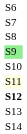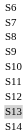 <table>
 <tr>
 <td>S6</td>
 <td></td>
 <td></td>
 <td></td>
 </tr>
 <tr>
 <td>S7</td>
 <td></td>
 <td></td>
 <td></td>
 </tr>
 <tr>
 <td>S8</td>
 <td></td>
 <td></td>
 <td></td>
 </tr>
 <tr>
-<td style="background: lightgreen;">S9</td>
+<td>S9</td>
 <td></td>
 <td></td>
 <td></td>
 </tr>
 <tr>
 <td>S10</td>
 <td></td>
 <td></td>
 <td></td>
 </tr>
 <tr>
-<td style="background: lightyellow;">S11</td>
+<td>S11</td>
 <td></td>
 <td></td>
 <td></td>
 </tr>
 <tr>
-<td><strong>S12</strong></td>
+<td>S12</td>
 <td></td>
 <td></td>
 <td></td>
 </tr>
 <tr>
-<td>S13</td>
+<td style="background: lightgrey;">S13</td>
 <td></td>
 <td></td>
 <td></td>
 </tr>
 <tr>
 <td>S14</td>
 <td></td>
 <td></td>
 <td></td>
 </tr>
 </table>
